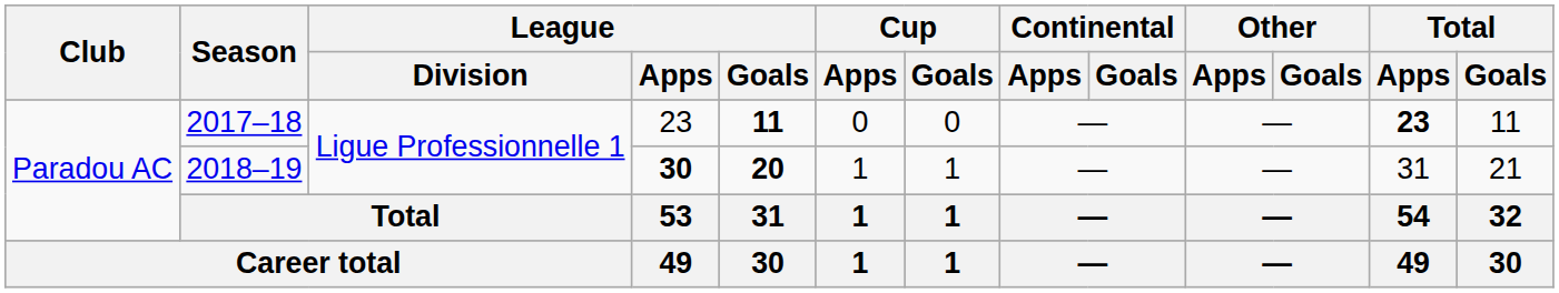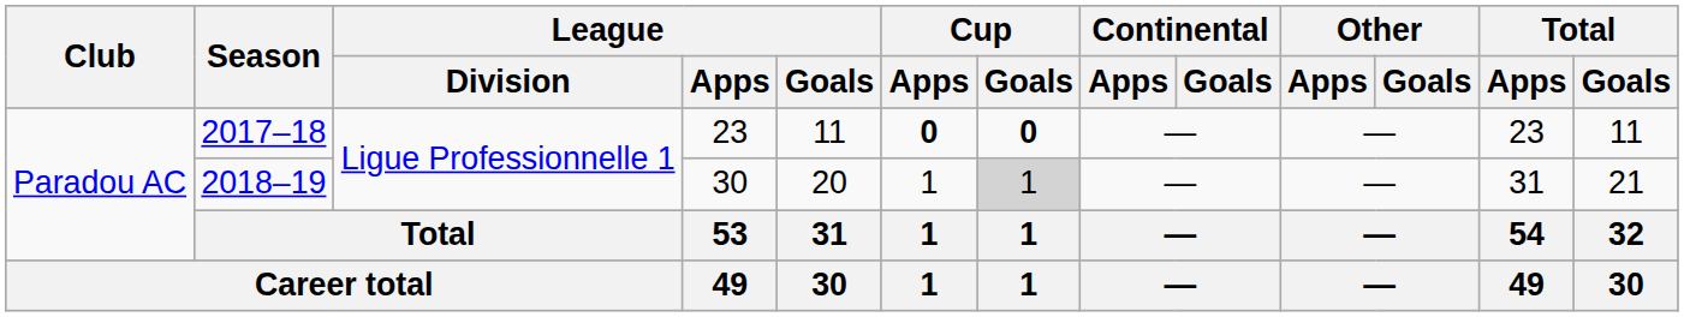 <table class="wikitable" style="text-align: center">
 <tr>
 <th rowspan="2">Club</th>
 <th rowspan="2">Season</th>
 <th colspan="3">League</th>
 <th colspan="2">Cup</th>
 <th colspan="2">Continental</th>
 <th colspan="2">Other</th>
 <th colspan="2">Total</th>
 </tr>
 <tr>
 <th>Division</th>
 <th>Apps</th>
 <th>Goals</th>
 <th>Apps</th>
 <th>Goals</th>
 <th>Apps</th>
 <th>Goals</th>
 <th>Apps</th>
 <th>Goals</th>
 <th>Apps</th>
 <th>Goals</th>
 </tr>
 <tr>
 <td rowspan="3"><a href='#'>Paradou AC</a></td>
 <td><a href='#'>2017–18</a></td>
 <td rowspan="2"><a href='#'>Ligue Professionnelle 1</a></td>
 <td>23</td>
-<td><strong>11</strong></td>
-<td>0</td>
-<td>0</td>
+<td>11</td>
+<td><strong>0</strong></td>
+<td><strong>0</strong></td>
 <td colspan="2">—</td>
 <td colspan="2">—</td>
-<td><strong>23</strong></td>
+<td>23</td>
 <td>11</td>
 </tr>
 <tr>
 <td><a href='#'>2018–19</a></td>
-<td><strong>30</strong></td>
-<td><strong>20</strong></td>
+<td>30</td>
+<td>20</td>
 <td>1</td>
-<td>1</td>
+<td style="background: lightgrey;">1</td>
 <td colspan="2">—</td>
 <td colspan="2">—</td>
 <td>31</td>
 <td>21</td>
 </tr>
 <tr>
 <th colspan="2">Total</th>
 <th>53</th>
 <th>31</th>
 <th>1</th>
 <th>1</th>
 <th colspan="2">—</th>
 <th colspan="2">—</th>
 <th>54</th>
 <th>32</th>
 </tr>
 <tr>
 <th colspan="3">Career total</th>
 <th>49</th>
 <th>30</th>
 <th>1</th>
 <th>1</th>
 <th colspan="2">—</th>
 <th colspan="2">—</th>
 <th>49</th>
 <th>30</th>
 </tr>
 </table>
